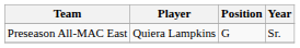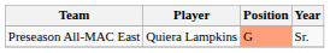 <table class="wikitable" border="1">
 <tr align=center>
 <th style= >Team</th>
 <th style= >Player</th>
 <th style= >Position</th>
 <th style= >Year</th>
 </tr>
 <tr align="center">
 </tr>
 <tr>
 <td>Preseason All-MAC East</td>
 <td>Quiera Lampkins</td>
-<td>G</td>
+<td style="background: lightsalmon;">G</td>
 <td>Sr.</td>
 </tr>
 <tr>
 </tr>
 </table>
